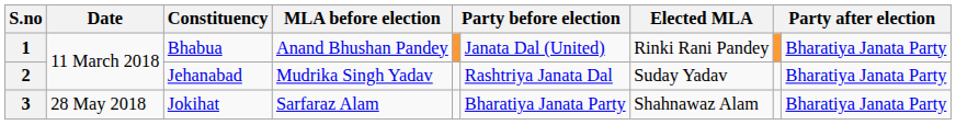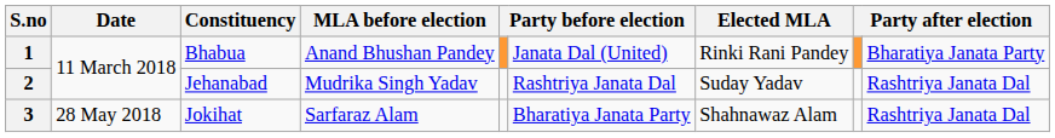 <table class="wikitable sortable">
 <tr>
 <th>S.no</th>
 <th>Date</th>
 <th>Constituency</th>
 <th>MLA before election</th>
 <th colspan="2">Party before election</th>
 <th>Elected MLA</th>
 <th colspan="2">Party after election</th>
 </tr>
 <tr>
 <th>1</th>
 <td Rowspan=2>11 March 2018</td>
 <td><a href='#'>Bhabua</a></td>
 <td><a href='#'>Anand Bhushan Pandey</a></td>
 <td bgcolor=#FF9933></td>
 <td><a href='#'>Janata Dal (United)</a></td>
 <td>Rinki Rani Pandey</td>
 <td bgcolor=#FF9933></td>
 <td><a href='#'>Bharatiya Janata Party</a></td>
 </tr>
 <tr>
 <th>2</th>
 <td><a href='#'>Jehanabad</a></td>
 <td><a href='#'>Mudrika Singh Yadav</a></td>
 <td></td>
 <td><a href='#'>Rashtriya Janata Dal</a></td>
 <td>Suday Yadav</td>
 <td></td>
-<td><a href='#'>Bharatiya Janata Party</a></td>
+<td><a href='#'>Rashtriya Janata Dal</a></td>
 </tr>
 <tr>
 <th>3</th>
 <td>28 May 2018</td>
 <td><a href='#'>Jokihat</a></td>
 <td><a href='#'>Sarfaraz Alam</a></td>
 <td></td>
 <td><a href='#'>Bharatiya Janata Party</a></td>
 <td>Shahnawaz Alam</td>
 <td></td>
-<td><a href='#'>Bharatiya Janata Party</a></td>
+<td><a href='#'>Rashtriya Janata Dal</a></td>
 </tr>
 </table>
